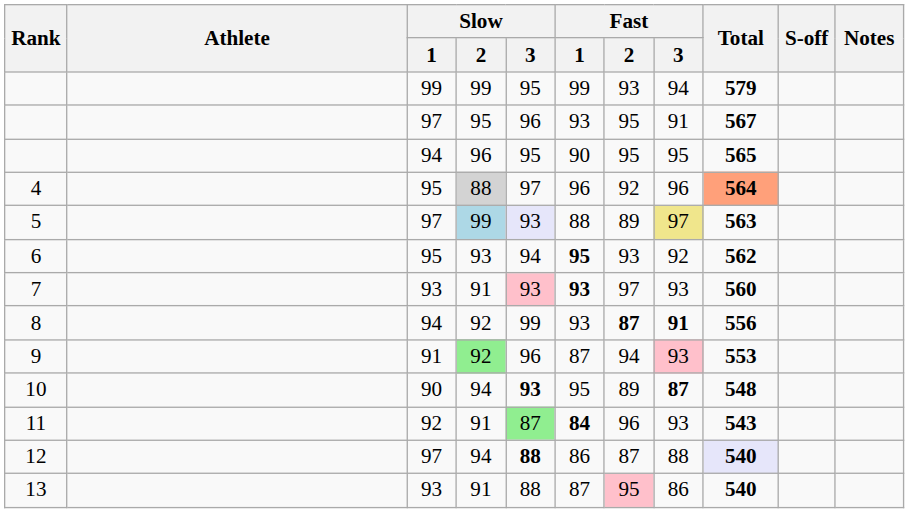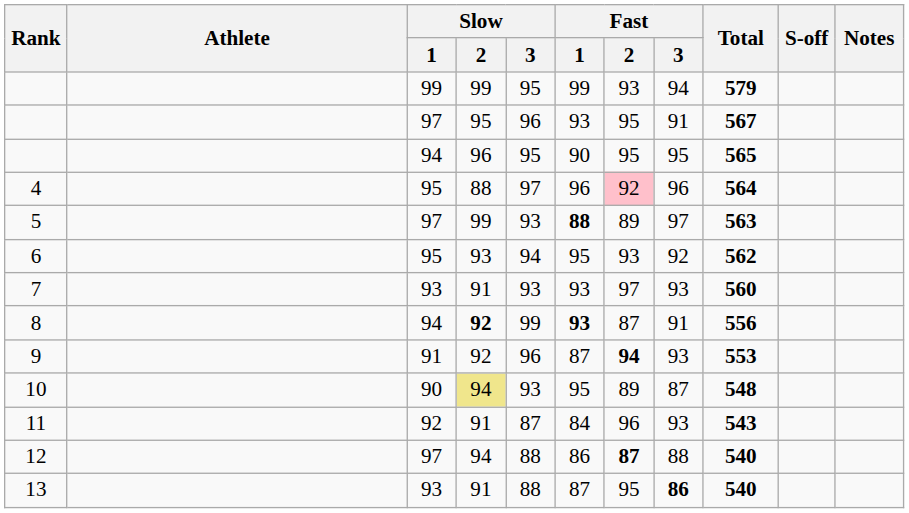 <table class="wikitable" style="text-align:center">
 <tr>
 <th rowspan=2 width=40>Rank</th>
 <th rowspan=2 width=250>Athlete</th>
 <th colspan=3>Slow</th>
 <th colspan=3>Fast</th>
 <th rowspan=2 width=50>Total</th>
 <th rowspan=2 width=35>S-off</th>
 <th rowspan=2 width=45>Notes</th>
 </tr>
 <tr>
 <th width=30>1</th>
 <th width=30>2</th>
 <th width=30>3</th>
 <th width=30>1</th>
 <th width=30>2</th>
 <th width=30>3</th>
 </tr>
 <tr>
 <td></td>
 <td align=left></td>
 <td>99</td>
 <td>99</td>
 <td>95</td>
 <td>99</td>
 <td>93</td>
 <td>94</td>
 <td><strong>579</strong></td>
 <td></td>
 <td></td>
 </tr>
 <tr>
 <td></td>
 <td align=left></td>
 <td>97</td>
 <td>95</td>
 <td>96</td>
 <td>93</td>
 <td>95</td>
 <td>91</td>
 <td><strong>567</strong></td>
 <td></td>
 <td></td>
 </tr>
 <tr>
 <td></td>
 <td align=left></td>
 <td>94</td>
 <td>96</td>
 <td>95</td>
 <td>90</td>
 <td>95</td>
 <td>95</td>
 <td><strong>565</strong></td>
 <td></td>
 <td></td>
 </tr>
 <tr>
 <td>4</td>
 <td align=left></td>
 <td>95</td>
-<td style="background: lightgrey;">88</td>
+<td>88</td>
 <td>97</td>
 <td>96</td>
-<td>92</td>
+<td style="background: pink;">92</td>
 <td>96</td>
-<td style="background: lightsalmon;"><strong>564</strong></td>
+<td><strong>564</strong></td>
 <td></td>
 <td></td>
 </tr>
 <tr>
 <td>5</td>
 <td align=left></td>
 <td>97</td>
-<td style="background: lightblue;">99</td>
-<td style="background: lavender;">93</td>
-<td>88</td>
+<td>99</td>
+<td>93</td>
+<td><strong>88</strong></td>
 <td>89</td>
-<td style="background: khaki;">97</td>
+<td>97</td>
 <td><strong>563</strong></td>
 <td></td>
 <td></td>
 </tr>
 <tr>
 <td>6</td>
 <td align=left></td>
 <td>95</td>
 <td>93</td>
 <td>94</td>
-<td><strong>95</strong></td>
+<td>95</td>
 <td>93</td>
 <td>92</td>
 <td><strong>562</strong></td>
 <td></td>
 <td></td>
 </tr>
 <tr>
 <td>7</td>
 <td align=left></td>
 <td>93</td>
 <td>91</td>
-<td style="background: pink;">93</td>
-<td><strong>93</strong></td>
+<td>93</td>
+<td>93</td>
 <td>97</td>
 <td>93</td>
 <td><strong>560</strong></td>
 <td></td>
 <td></td>
 </tr>
 <tr>
 <td>8</td>
 <td align=left></td>
 <td>94</td>
-<td>92</td>
+<td><strong>92</strong></td>
 <td>99</td>
-<td>93</td>
-<td><strong>87</strong></td>
-<td><strong>91</strong></td>
+<td><strong>93</strong></td>
+<td>87</td>
+<td>91</td>
 <td><strong>556</strong></td>
 <td></td>
 <td></td>
 </tr>
 <tr>
 <td>9</td>
 <td align=left></td>
 <td>91</td>
-<td style="background: lightgreen;">92</td>
+<td>92</td>
 <td>96</td>
 <td>87</td>
-<td>94</td>
-<td style="background: pink;">93</td>
+<td><strong>94</strong></td>
+<td>93</td>
 <td><strong>553</strong></td>
 <td></td>
 <td></td>
 </tr>
 <tr>
 <td>10</td>
 <td align=left></td>
 <td>90</td>
-<td>94</td>
-<td><strong>93</strong></td>
+<td style="background: khaki;">94</td>
+<td>93</td>
 <td>95</td>
 <td>89</td>
-<td><strong>87</strong></td>
+<td>87</td>
 <td><strong>548</strong></td>
 <td></td>
 <td></td>
 </tr>
 <tr>
 <td>11</td>
 <td align=left></td>
 <td>92</td>
 <td>91</td>
-<td style="background: lightgreen;">87</td>
-<td><strong>84</strong></td>
+<td>87</td>
+<td>84</td>
 <td>96</td>
 <td>93</td>
 <td><strong>543</strong></td>
 <td></td>
 <td></td>
 </tr>
 <tr>
 <td>12</td>
 <td align=left></td>
 <td>97</td>
 <td>94</td>
-<td><strong>88</strong></td>
+<td>88</td>
 <td>86</td>
-<td>87</td>
+<td><strong>87</strong></td>
 <td>88</td>
-<td style="background: lavender;"><strong>540</strong></td>
+<td><strong>540</strong></td>
 <td></td>
 <td></td>
 </tr>
 <tr>
 <td>13</td>
 <td align=left></td>
 <td>93</td>
 <td>91</td>
 <td>88</td>
 <td>87</td>
-<td style="background: pink;">95</td>
-<td>86</td>
+<td>95</td>
+<td><strong>86</strong></td>
 <td><strong>540</strong></td>
 <td></td>
 <td></td>
 </tr>
 </table>
